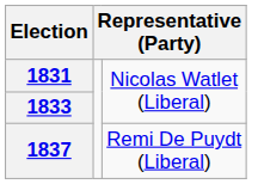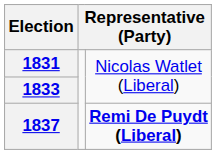 <table class="wikitable" style="text-align:center">
 <tr>
 <th>Election</th>
 <th colspan=2>Representative<br>(Party)</th>
 </tr>
 <tr>
 <th><a href='#'>1831</a></th>
 <td rowspan=4; style="background-color: "></td>
 <td rowspan=2><a href='#'>Nicolas Watlet</a><br>(<a href='#'>Liberal</a>)</td>
 </tr>
 <tr>
 <th><a href='#'>1833</a></th>
 </tr>
 <tr>
 <th><a href='#'>1837</a></th>
-<td><a href='#'>Remi De Puydt</a><br>(<a href='#'>Liberal</a>)</td>
+<td><strong><a href='#'>Remi De Puydt</a><br>(<a href='#'>Liberal</a>)</strong></td>
 </tr>
 </table>
